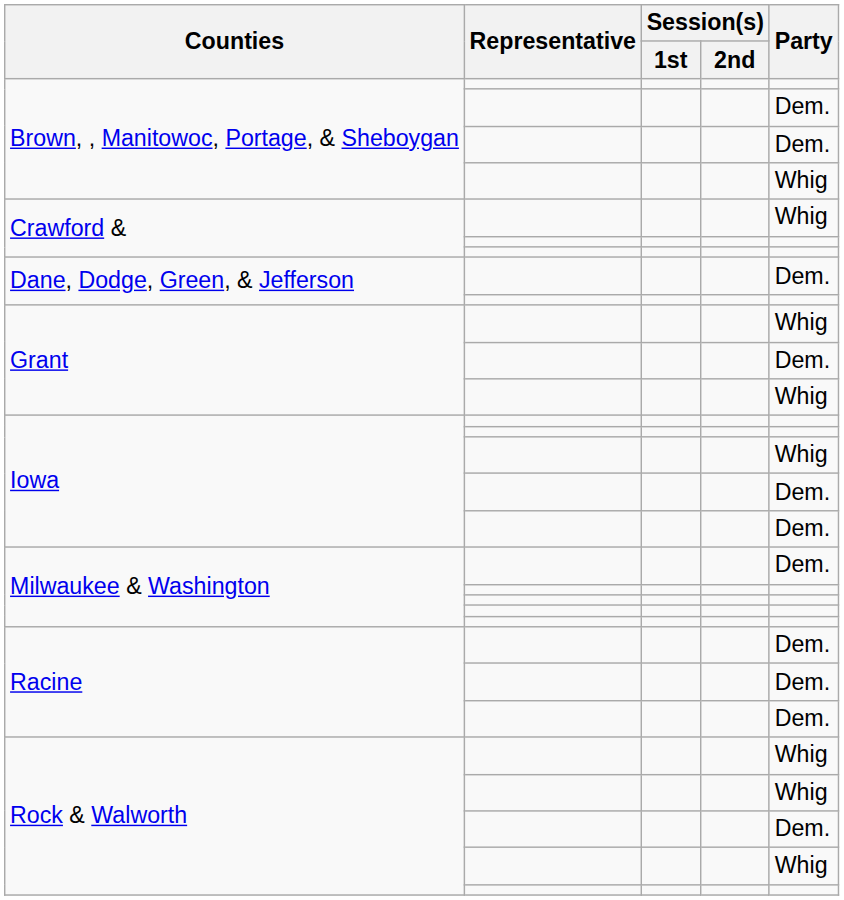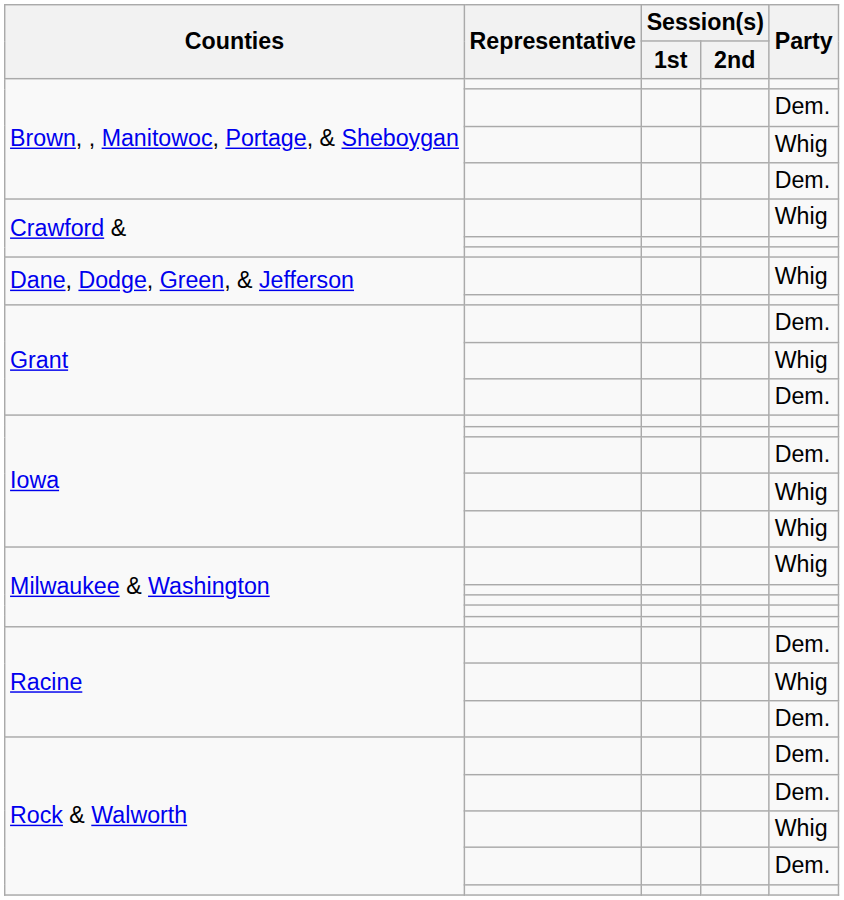 <table class="wikitable sortable">
 <tr>
 <th rowspan="2">Counties</th>
 <th rowspan="2">Representative</th>
 <th colspan="2">Session(s)</th>
 <th rowspan="2">Party</th>
 </tr>
 <tr>
 <th>1st</th>
 <th>2nd</th>
 </tr>
 <tr>
 <td rowspan="4"><a href='#'>Brown</a>, , <a href='#'>Manitowoc</a>, <a href='#'>Portage</a>, & <a href='#'>Sheboygan</a></td>
 <td></td>
 <td></td>
 <td></td>
 <td></td>
 </tr>
 <tr>
 <td></td>
 <td></td>
 <td></td>
 <td>Dem.</td>
 </tr>
 <tr>
 <td></td>
 <td></td>
 <td></td>
-<td>Dem.</td>
+<td>Whig</td>
 </tr>
 <tr>
 <td></td>
 <td></td>
 <td></td>
-<td>Whig</td>
+<td>Dem.</td>
 </tr>
 <tr>
 <td rowspan="3"><a href='#'>Crawford</a> & </td>
 <td></td>
 <td></td>
 <td></td>
 <td>Whig</td>
 </tr>
 <tr>
 <td></td>
 <td></td>
 <td></td>
 <td></td>
 </tr>
 <tr>
 <td></td>
 <td></td>
 <td></td>
 <td></td>
 </tr>
 <tr>
 <td rowspan="2"><a href='#'>Dane</a>, <a href='#'>Dodge</a>, <a href='#'>Green</a>, & <a href='#'>Jefferson</a></td>
 <td></td>
 <td></td>
 <td></td>
-<td>Dem.</td>
+<td>Whig</td>
 </tr>
 <tr>
 <td></td>
 <td></td>
 <td></td>
 <td></td>
 </tr>
 <tr>
 <td rowspan="3"><a href='#'>Grant</a></td>
 <td></td>
 <td></td>
 <td></td>
+<td>Dem.</td>
+</tr>
+<tr>
+<td></td>
+<td></td>
+<td></td>
 <td>Whig</td>
 </tr>
 <tr>
 <td></td>
 <td></td>
 <td></td>
 <td>Dem.</td>
-</tr>
-<tr>
-<td></td>
-<td></td>
-<td></td>
-<td>Whig</td>
 </tr>
 <tr>
 <td rowspan="5"><a href='#'>Iowa</a></td>
 <td></td>
 <td></td>
 <td></td>
 <td></td>
 </tr>
 <tr>
 <td></td>
 <td></td>
 <td></td>
 <td></td>
 </tr>
 <tr>
 <td></td>
 <td></td>
 <td></td>
+<td>Dem.</td>
+</tr>
+<tr>
+<td></td>
+<td></td>
+<td></td>
 <td>Whig</td>
 </tr>
 <tr>
 <td></td>
 <td></td>
 <td></td>
-<td>Dem.</td>
-</tr>
-<tr>
-<td></td>
-<td></td>
-<td></td>
-<td>Dem.</td>
+<td>Whig</td>
 </tr>
 <tr>
 <td rowspan="5"><a href='#'>Milwaukee</a> & <a href='#'>Washington</a></td>
 <td></td>
 <td></td>
 <td></td>
-<td>Dem.</td>
+<td>Whig</td>
 </tr>
 <tr>
 <td></td>
 <td></td>
 <td></td>
 <td></td>
 </tr>
 <tr>
 <td></td>
 <td></td>
 <td></td>
 <td></td>
 </tr>
 <tr>
 <td></td>
 <td></td>
 <td></td>
 <td></td>
 </tr>
 <tr>
 <td></td>
 <td></td>
 <td></td>
 <td></td>
 </tr>
 <tr>
 <td rowspan="3"><a href='#'>Racine</a></td>
 <td></td>
 <td></td>
 <td></td>
 <td>Dem.</td>
 </tr>
 <tr>
 <td></td>
 <td></td>
 <td></td>
-<td>Dem.</td>
+<td>Whig</td>
 </tr>
 <tr>
 <td></td>
 <td></td>
 <td></td>
 <td>Dem.</td>
 </tr>
 <tr>
 <td rowspan="5"><a href='#'>Rock</a> & <a href='#'>Walworth</a></td>
 <td></td>
 <td></td>
 <td></td>
-<td>Whig</td>
+<td>Dem.</td>
+</tr>
+<tr>
+<td></td>
+<td></td>
+<td></td>
+<td>Dem.</td>
 </tr>
 <tr>
 <td></td>
 <td></td>
 <td></td>
 <td>Whig</td>
 </tr>
 <tr>
 <td></td>
 <td></td>
 <td></td>
 <td>Dem.</td>
 </tr>
 <tr>
 <td></td>
 <td></td>
 <td></td>
-<td>Whig</td>
-</tr>
-<tr>
-<td></td>
-<td></td>
-<td></td>
 <td></td>
 </tr>
 </table>
